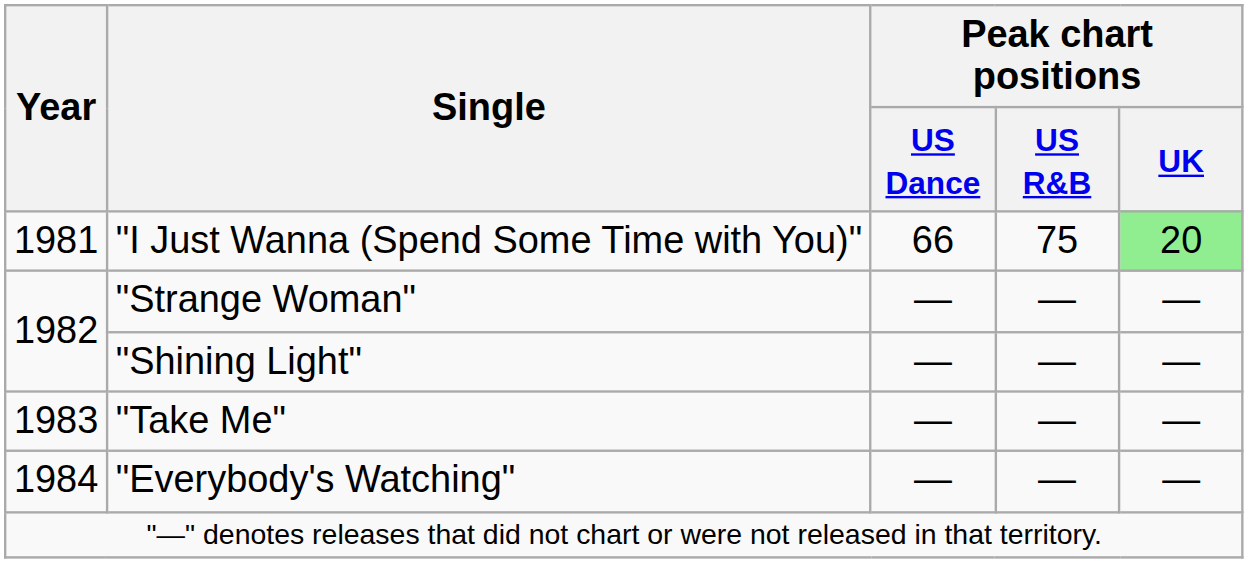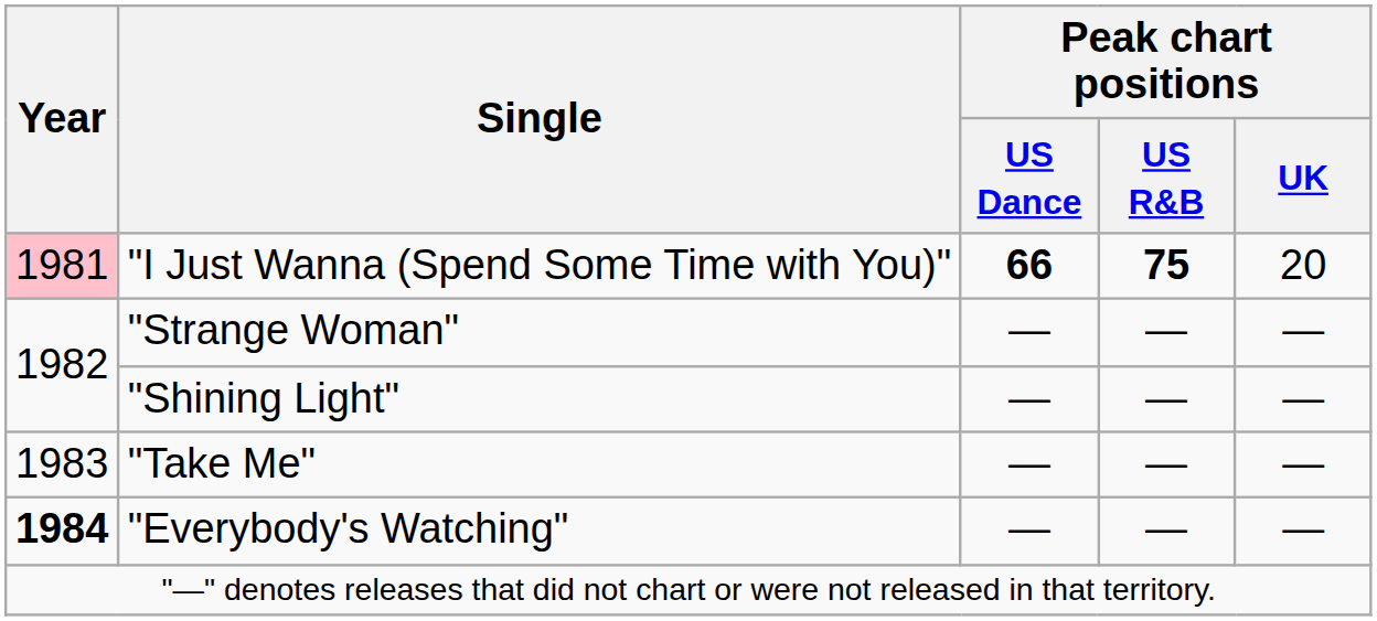 <table class="wikitable">
 <tr>
 <th scope="col" rowspan="2">Year</th>
 <th scope="col" rowspan="2">Single</th>
 <th scope="col" colspan="3">Peak chart positions</th>
 </tr>
 <tr>
 <th style="width:45px;"><small><a href='#'>US Dance</a></small><br></th>
 <th style="width:45px;"><small><a href='#'>US R&B</a></small><br></th>
 <th style="width:45px;"><small><a href='#'>UK</a></small><br></th>
 </tr>
 <tr>
-<td rowspan="1">1981</td>
+<td rowspan="1" style="background: pink;">1981</td>
 <td>"I Just Wanna (Spend Some Time with You)"</td>
-<td align=center>66</td>
-<td align=center>75</td>
-<td align=center style="background: lightgreen;">20</td>
+<td align=center><strong>66</strong></td>
+<td align=center><strong>75</strong></td>
+<td align=center>20</td>
 </tr>
 <tr>
 <td rowspan="2">1982</td>
 <td>"Strange Woman"</td>
 <td align=center>―</td>
 <td align=center>―</td>
 <td align=center>―</td>
 </tr>
 <tr>
 <td>"Shining Light"</td>
 <td align=center>―</td>
 <td align=center>―</td>
 <td align=center>―</td>
 </tr>
 <tr>
 <td rowspan="1">1983</td>
 <td>"Take Me"</td>
 <td align=center>―</td>
 <td align=center>―</td>
 <td align=center>―</td>
 </tr>
 <tr>
-<td rowspan="1">1984</td>
+<td rowspan="1"><strong>1984</strong></td>
 <td>"Everybody's Watching"</td>
 <td align=center>―</td>
 <td align=center>―</td>
 <td align=center>―</td>
 </tr>
 <tr>
 <td colspan="6" style="text-align:center; font-size:9pt;">"—" denotes releases that did not chart or were not released in that territory.</td>
 </tr>
 </table>
